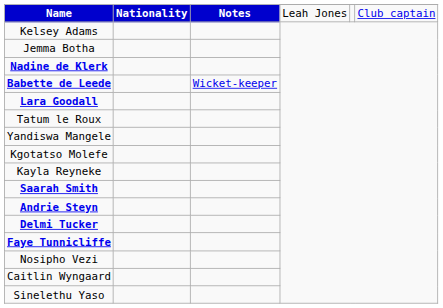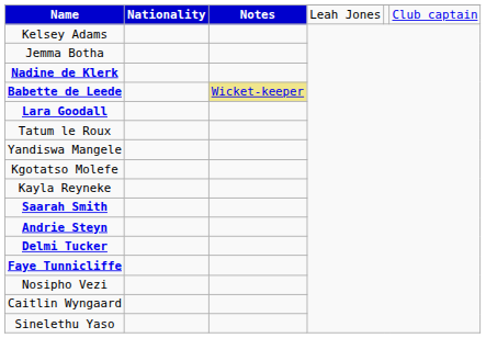 <table class="wikitable sortable">
 <tr>
 <th style="background:#0000CD; color:white" scope="col" rowspan="2">Name</th>
 <th style="background:#0000CD; color:white" scope="col" rowspan="2">Nationality</th>
 <th style="background:#0000CD; color:white" scope="col" rowspan="2">Notes</th>
 </tr>
 <tr>
 <td style="text-align:center">Leah Jones</td>
 <td></td>
 <td><a href='#'>Club captain</a></td>
 </tr>
 <tr>
 <td style="text-align:center">Kelsey Adams</td>
 <td></td>
 <td></td>
 </tr>
 <tr>
 <td style="text-align:center">Jemma Botha</td>
 <td></td>
 <td></td>
 </tr>
 <tr>
 <td style="text-align:center"><strong><a href='#'>Nadine de Klerk</a></strong></td>
 <td></td>
 <td></td>
 </tr>
 <tr>
 <td style="text-align:center"><strong><a href='#'>Babette de Leede</a></strong></td>
 <td></td>
-<td><a href='#'>Wicket-keeper</a></td>
+<td style="background: khaki;"><a href='#'>Wicket-keeper</a></td>
 </tr>
 <tr>
 <td style="text-align:center"><strong><a href='#'>Lara Goodall</a></strong></td>
 <td></td>
 <td></td>
 </tr>
 <tr>
 <td style="text-align:center">Tatum le Roux</td>
 <td></td>
 <td></td>
 </tr>
 <tr>
 <td style="text-align:center">Yandiswa Mangele</td>
 <td></td>
 <td></td>
 </tr>
 <tr>
 <td style="text-align:center">Kgotatso Molefe</td>
 <td></td>
 <td></td>
 </tr>
 <tr>
 <td style="text-align:center">Kayla Reyneke</td>
 <td></td>
 <td></td>
 </tr>
 <tr>
 <td style="text-align:center"><strong><a href='#'>Saarah Smith</a></strong></td>
 <td></td>
 <td></td>
 </tr>
 <tr>
 <td style="text-align:center"><strong><a href='#'>Andrie Steyn</a></strong></td>
 <td></td>
 <td></td>
 </tr>
 <tr>
 <td style="text-align:center"><strong><a href='#'>Delmi Tucker</a></strong></td>
 <td></td>
 <td></td>
 </tr>
 <tr>
 <td style="text-align:center"><strong><a href='#'>Faye Tunnicliffe</a></strong></td>
 <td></td>
 <td></td>
 </tr>
 <tr>
 <td style="text-align:center">Nosipho Vezi</td>
 <td></td>
 <td></td>
 </tr>
 <tr>
 <td style="text-align:center">Caitlin Wyngaard</td>
 <td></td>
 <td></td>
 </tr>
 <tr>
 <td style="text-align:center">Sinelethu Yaso</td>
 <td></td>
 <td></td>
 </tr>
 </table>
